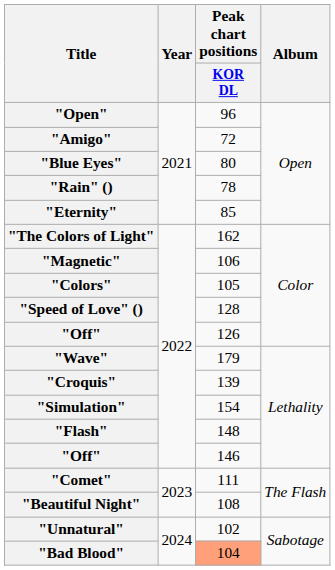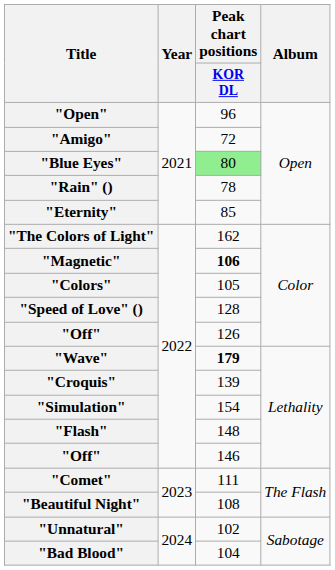 <table class="wikitable plainrowheaders" style="text-align:center">
 <tr>
 <th scope="col" rowspan="2">Title</th>
 <th scope="col" rowspan="2">Year</th>
 <th scope="col" colspan="1">Peak<br>chart<br>positions</th>
 <th scope="col" rowspan="2">Album</th>
 </tr>
 <tr>
 <th scope="col" style="font-size:90%; width:3em"><a href='#'>KOR<br>DL</a><br></th>
 </tr>
 <tr>
 <th scope="row">"Open"</th>
 <td rowspan="5">2021</td>
 <td>96</td>
 <td rowspan="5"><em>Open</em></td>
 </tr>
 <tr>
 <th scope="row">"Amigo" <br></th>
 <td>72</td>
 </tr>
 <tr>
 <th scope="row">"Blue Eyes"</th>
-<td>80</td>
+<td style="background: lightgreen;">80</td>
 </tr>
 <tr>
 <th scope="row">"Rain" ()</th>
 <td>78</td>
 </tr>
 <tr>
 <th scope="row">"Eternity"</th>
 <td>85</td>
 </tr>
 <tr>
 <th scope="row">"The Colors of Light"</th>
 <td rowspan="10">2022</td>
 <td>162</td>
 <td rowspan="5"><em>Color</em></td>
 </tr>
 <tr>
 <th scope="row">"Magnetic"</th>
-<td>106</td>
+<td><strong>106</strong></td>
 </tr>
 <tr>
 <th scope="row">"Colors"</th>
 <td>105</td>
 </tr>
 <tr>
 <th scope="row">"Speed of Love" ()</th>
 <td>128</td>
 </tr>
 <tr>
 <th scope="row">"Off"</th>
 <td>126</td>
 </tr>
 <tr>
 <th scope="row">"Wave"</th>
-<td>179</td>
+<td><strong>179</strong></td>
 <td rowspan="5"><em>Lethality</em></td>
 </tr>
 <tr>
 <th scope="row">"Croquis"</th>
 <td>139</td>
 </tr>
 <tr>
 <th scope="row">"Simulation"</th>
 <td>154</td>
 </tr>
 <tr>
 <th scope="row">"Flash"</th>
 <td>148</td>
 </tr>
 <tr>
 <th scope="row">"Off"</th>
 <td>146</td>
 </tr>
 <tr>
 <th scope="row">"Comet"</th>
 <td rowspan="2">2023</td>
 <td>111</td>
 <td rowspan="2"><em>The Flash</em></td>
 </tr>
 <tr>
 <th scope="row">"Beautiful Night"</th>
 <td>108</td>
 </tr>
 <tr>
 <th scope="row">"Unnatural"</th>
 <td rowspan="2">2024</td>
 <td>102</td>
 <td rowspan="2"><em>Sabotage</em></td>
 </tr>
 <tr>
 <th scope="row">"Bad Blood"</th>
-<td style="background: lightsalmon;">104</td>
+<td>104</td>
 </tr>
 </table>
